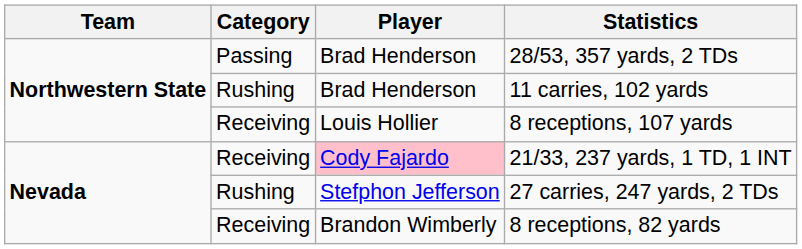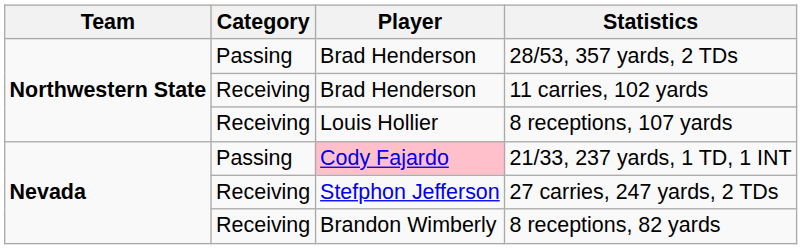 <table class="wikitable" style="float: left;">
 <tr>
 <th>Team</th>
 <th>Category</th>
 <th>Player</th>
 <th>Statistics</th>
 </tr>
 <tr>
 <td rowspan=3><strong>Northwestern State</strong></td>
 <td>Passing</td>
 <td>Brad Henderson</td>
 <td>28/53, 357 yards, 2 TDs</td>
 </tr>
 <tr>
-<td>Rushing</td>
+<td>Receiving</td>
 <td>Brad Henderson</td>
 <td>11 carries, 102 yards</td>
 </tr>
 <tr>
 <td>Receiving</td>
 <td>Louis Hollier</td>
 <td>8 receptions, 107 yards</td>
 </tr>
 <tr>
 <td rowspan=3><strong>Nevada</strong></td>
-<td>Receiving</td>
+<td>Passing</td>
 <td style="background: pink;"><a href='#'>Cody Fajardo</a></td>
 <td>21/33, 237 yards, 1 TD, 1 INT</td>
 </tr>
 <tr>
-<td>Rushing</td>
+<td>Receiving</td>
 <td><a href='#'>Stefphon Jefferson</a></td>
 <td>27 carries, 247 yards, 2 TDs</td>
 </tr>
 <tr>
 <td>Receiving</td>
 <td>Brandon Wimberly</td>
 <td>8 receptions, 82 yards</td>
 </tr>
 </table>
